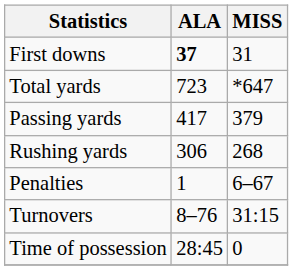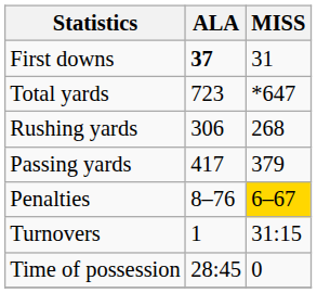 <table class="wikitable" style="float: left;">
 <tr>
 <th>Statistics</th>
 <th>ALA</th>
 <th>MISS</th>
 </tr>
 <tr>
 <td>First downs</td>
 <td><strong>37</strong></td>
 <td>31</td>
 </tr>
 <tr>
 <td>Total yards</td>
 <td>723</td>
 <td>*647</td>
 </tr>
 <tr>
+<td>Rushing yards</td>
+<td>306</td>
+<td>268</td>
+</tr>
+<tr>
 <td>Passing yards</td>
 <td>417</td>
 <td>379</td>
 </tr>
 <tr>
-<td>Rushing yards</td>
-<td>306</td>
-<td>268</td>
-</tr>
-<tr>
 <td>Penalties</td>
-<td>1</td>
-<td>6–67</td>
+<td>8–76</td>
+<td style="background: gold;">6–67</td>
 </tr>
 <tr>
 <td>Turnovers</td>
-<td>8–76</td>
+<td>1</td>
 <td>31:15</td>
 </tr>
 <tr>
 <td>Time of possession</td>
 <td>28:45</td>
 <td>0</td>
 </tr>
 <tr>
 </tr>
 </table>
